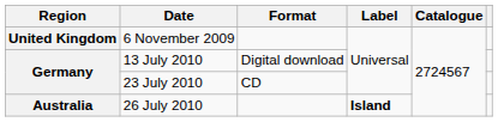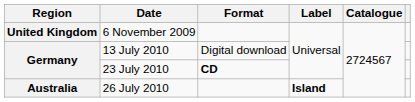 <table class="wikitable plainrowheaders">
 <tr>
 <th scope="col">Region</th>
 <th scope="col">Date</th>
 <th scope="col">Format</th>
 <th scope="col">Label</th>
 <th scope="col">Catalogue</th>
 <th scope="col"></th>
 </tr>
 <tr>
 <th scope="row">United Kingdom</th>
 <td>6 November 2009</td>
 <td></td>
 <td rowspan=3>Universal</td>
 <td rowspan=4>2724567</td>
 <td></td>
 </tr>
 <tr>
 <th scope="row" rowspan=2>Germany</th>
 <td>13 July 2010</td>
 <td>Digital download</td>
 <td></td>
 </tr>
 <tr>
 <td>23 July 2010</td>
-<td>CD</td>
+<td><strong>CD</strong></td>
 <td></td>
 </tr>
 <tr>
 <th scope="row">Australia</th>
 <td>26 July 2010</td>
 <td></td>
 <td><strong>Island</strong></td>
 <td></td>
 </tr>
 </table>
